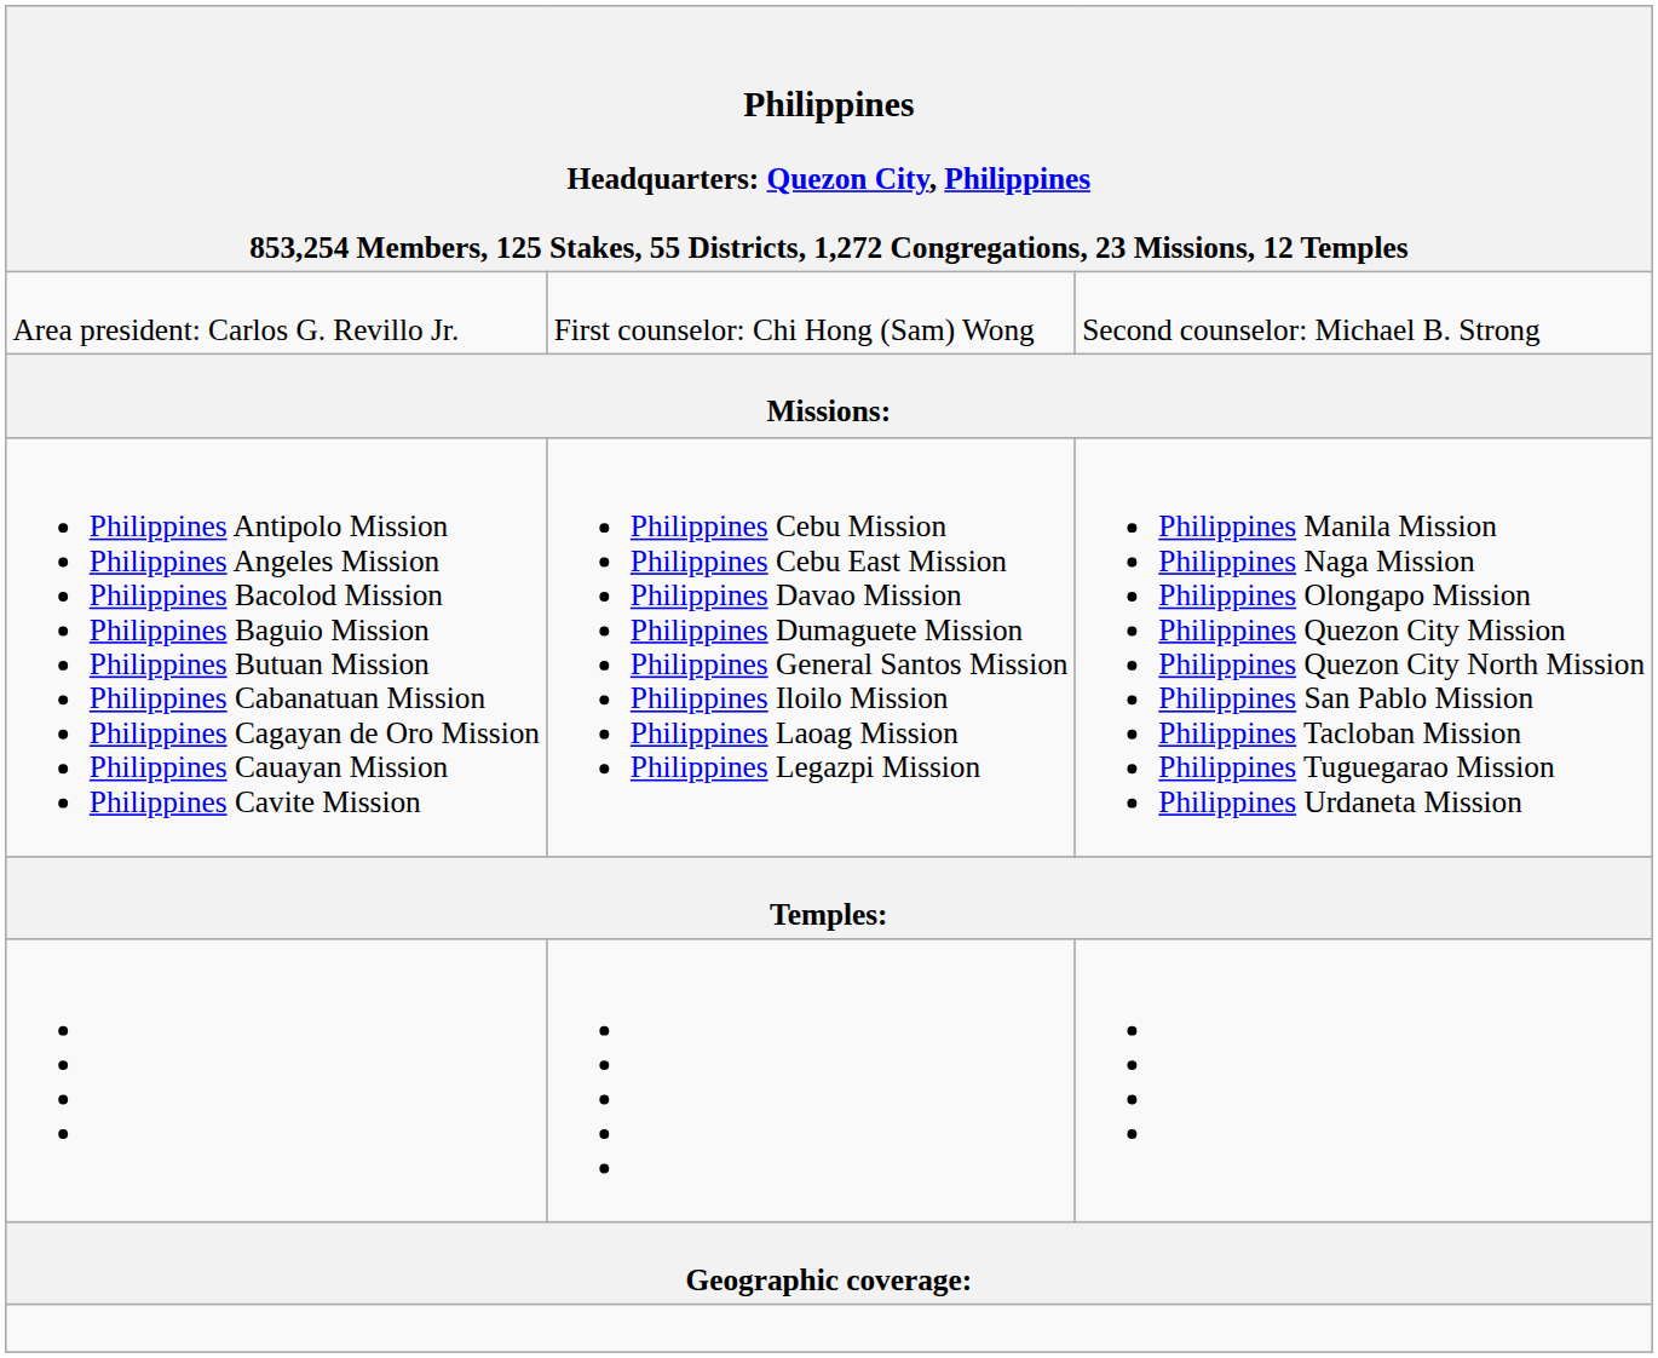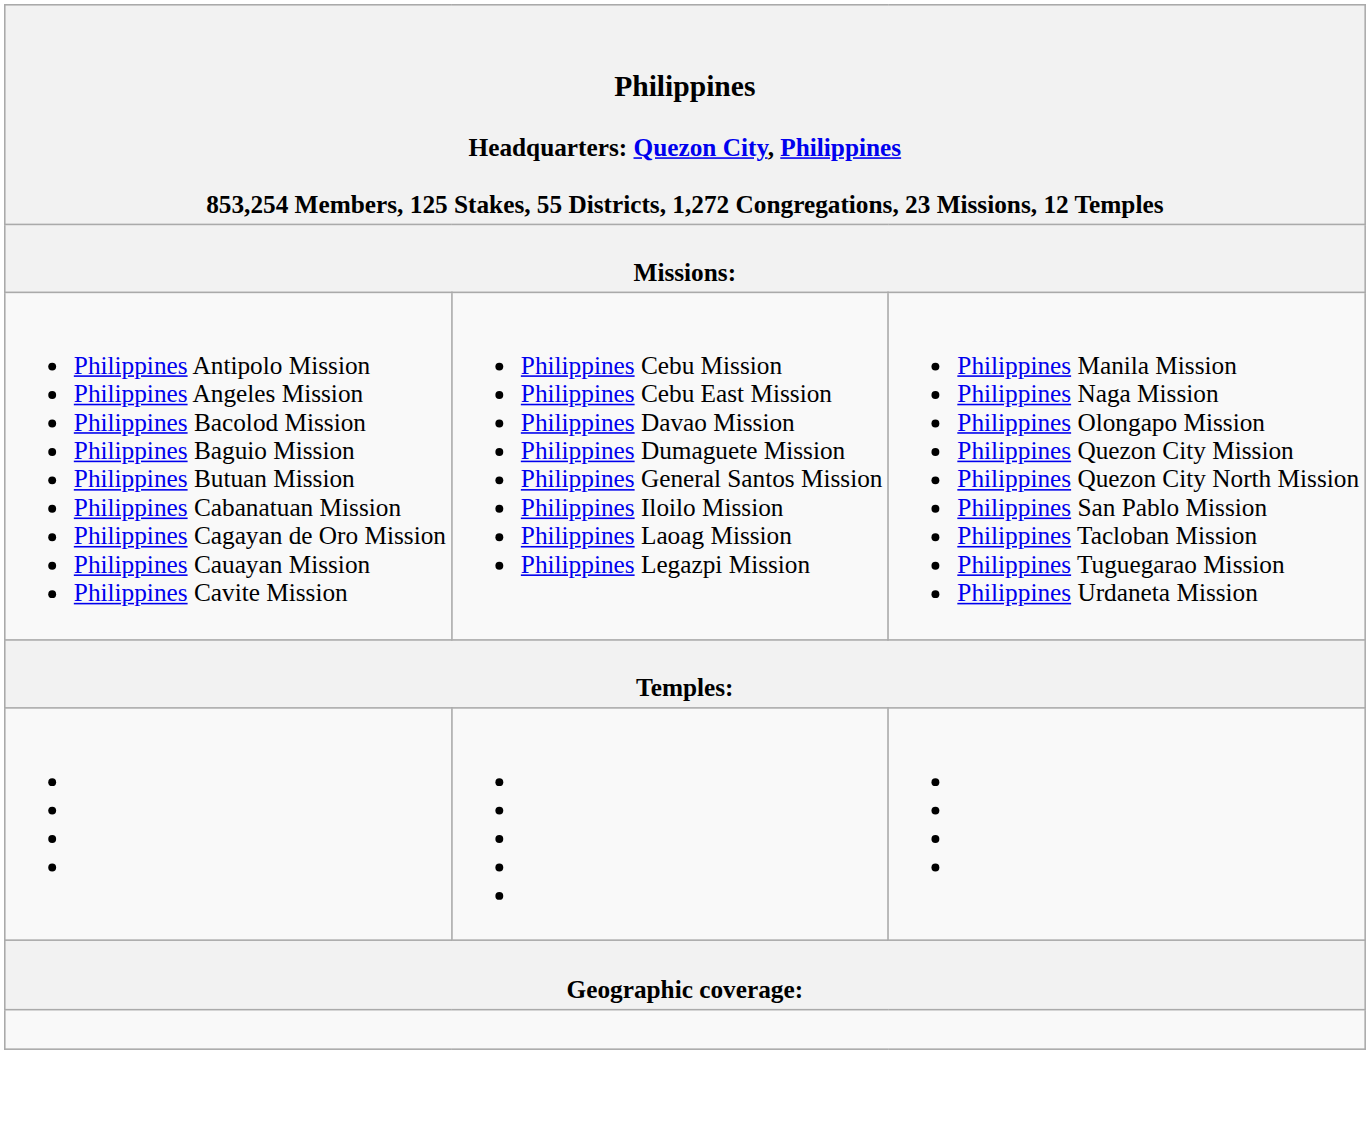 <table class=wikitable>
 <tr>
 <th colspan=3><br><h3>Philippines</h3>Headquarters:  <a href='#'>Quezon City</a>, <a href='#'>Philippines</a><br><br>853,254 Members, 125 Stakes, 55 Districts, 1,272 Congregations, 23 Missions, 12 Temples</th>
-</tr>
-<tr>
-<td style="vertical-align:top"><br>Area president: Carlos G. Revillo Jr.</td>
-<td style="vertical-align:top"><br>First counselor: Chi Hong (Sam) Wong</td>
-<td style="vertical-align:top"><br>Second counselor: Michael B. Strong</td>
 </tr>
 <tr>
 <th colspan=3><br>Missions:</th>
 </tr>
 <tr>
 <td style="vertical-align:top"><br><ul><li><a href='#'>Philippines</a> Antipolo Mission</li><li><a href='#'>Philippines</a> Angeles Mission</li><li><a href='#'>Philippines</a> Bacolod Mission</li><li><a href='#'>Philippines</a> Baguio Mission</li><li><a href='#'>Philippines</a> Butuan Mission</li><li><a href='#'>Philippines</a> Cabanatuan Mission</li><li><a href='#'>Philippines</a> Cagayan de Oro Mission</li><li><a href='#'>Philippines</a> Cauayan Mission</li><li><a href='#'>Philippines</a> Cavite Mission</li></ul></td>
 <td style="vertical-align:top"><br><ul><li><a href='#'>Philippines</a> Cebu Mission</li><li><a href='#'>Philippines</a> Cebu East Mission</li><li><a href='#'>Philippines</a> Davao Mission</li><li><a href='#'>Philippines</a> Dumaguete Mission</li><li><a href='#'>Philippines</a> General Santos Mission</li><li><a href='#'>Philippines</a> Iloilo Mission</li><li><a href='#'>Philippines</a> Laoag Mission</li><li><a href='#'>Philippines</a> Legazpi Mission</li></ul></td>
 <td style="vertical-align:top"><br><ul><li><a href='#'>Philippines</a> Manila Mission</li><li><a href='#'>Philippines</a> Naga Mission</li><li><a href='#'>Philippines</a> Olongapo Mission</li><li><a href='#'>Philippines</a> Quezon City Mission</li><li><a href='#'>Philippines</a> Quezon City North Mission</li><li><a href='#'>Philippines</a> San Pablo Mission</li><li><a href='#'>Philippines</a> Tacloban Mission</li><li><a href='#'>Philippines</a> Tuguegarao Mission</li><li><a href='#'>Philippines</a> Urdaneta Mission</li></ul></td>
 </tr>
 <tr>
 <th colspan=3><br>Temples:</th>
 </tr>
 <tr>
 <td style="vertical-align:top"><br><ul><li></li><li></li><li></li><li></li></ul></td>
 <td style="vertical-align:top"><br><ul><li></li><li></li><li></li><li></li><li></li></ul></td>
 <td style="vertical-align:top"><br><ul><li></li><li></li><li></li><li></li></ul></td>
 </tr>
 <tr>
 <th colspan=3><br>Geographic coverage:</th>
 </tr>
 <tr>
 <td style="vertical-align:top" colspan=3><br></td>
 </tr>
 </table>
